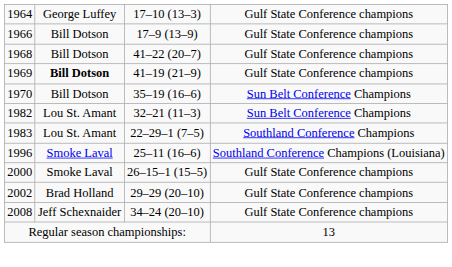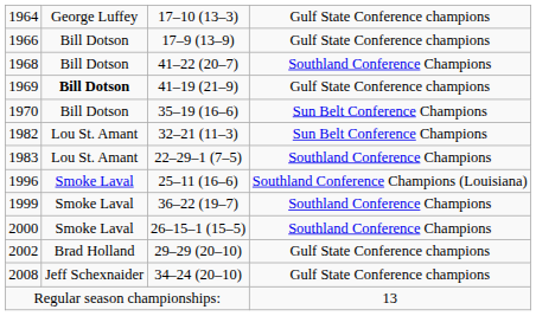 <table class="wikitable" style="text-align:center">
 <tr>
 <td>1964</td>
 <td>George Luffey</td>
 <td>17–10 (13–3)</td>
 <td>Gulf State Conference champions</td>
 </tr>
 <tr>
 <td>1966</td>
 <td>Bill Dotson</td>
 <td>17–9 (13–9)</td>
 <td>Gulf State Conference champions</td>
 </tr>
 <tr>
 <td>1968</td>
 <td>Bill Dotson</td>
 <td>41–22 (20–7)</td>
-<td>Gulf State Conference champions</td>
+<td><a href='#'>Southland Conference</a> Champions</td>
 </tr>
 <tr>
 <td>1969</td>
 <td><strong>Bill Dotson</strong></td>
 <td>41–19 (21–9)</td>
 <td>Gulf State Conference champions</td>
 </tr>
 <tr>
 <td>1970</td>
 <td>Bill Dotson</td>
 <td>35–19 (16–6)</td>
 <td><a href='#'>Sun Belt Conference</a> Champions</td>
 </tr>
 <tr>
 <td>1982</td>
 <td>Lou St. Amant</td>
 <td>32–21 (11–3)</td>
 <td><a href='#'>Sun Belt Conference</a> Champions</td>
 </tr>
 <tr>
 <td>1983</td>
 <td>Lou St. Amant</td>
 <td>22–29–1 (7–5)</td>
 <td><a href='#'>Southland Conference</a> Champions</td>
 </tr>
 <tr>
 <td>1996</td>
 <td><a href='#'>Smoke Laval</a></td>
 <td>25–11 (16–6)</td>
 <td><a href='#'>Southland Conference</a> Champions (Louisiana)</td>
 </tr>
 <tr>
+<td>1999</td>
+<td>Smoke Laval</td>
+<td>36–22 (19–7)</td>
+<td><a href='#'>Southland Conference</a> Champions</td>
+</tr>
+<tr>
 <td>2000</td>
 <td>Smoke Laval</td>
 <td>26–15–1 (15–5)</td>
-<td>Gulf State Conference champions</td>
+<td><a href='#'>Southland Conference</a> Champions</td>
 </tr>
 <tr>
 <td>2002</td>
 <td>Brad Holland</td>
 <td>29–29 (20–10)</td>
 <td>Gulf State Conference champions</td>
 </tr>
 <tr>
 <td>2008</td>
 <td>Jeff Schexnaider</td>
 <td>34–24 (20–10)</td>
 <td>Gulf State Conference champions</td>
 </tr>
 <tr>
 <td colspan=3>Regular season championships:</td>
 <td>13</td>
 </tr>
 </table>
